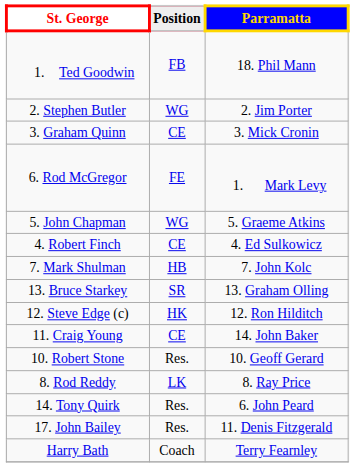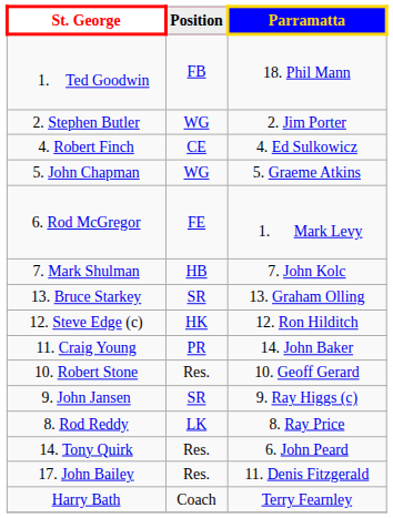 <table align="right" class="wikitable" style="font-size:90%; margin-left:1em">
 <tr bgcolor="#FF0033">
 <th style="width:140px; border:3px solid red; background: white; color: red">St. George</th>
 <th style="width:40px; text-align:center; background:#eee; color:black;">Position</th>
 <th style="width:140px; border:3px solid gold; background: blue; color: gold">Parramatta</th>
 </tr>
 <tr align=center>
 <td><br><ol><li><a href='#'>Ted Goodwin</a></li></ol></td>
 <td><a href='#'>FB</a></td>
 <td>18. <a href='#'>Phil Mann</a></td>
 </tr>
 <tr align=center>
 <td>2. <a href='#'>Stephen Butler</a></td>
 <td><a href='#'>WG</a></td>
 <td>2. <a href='#'>Jim Porter</a></td>
 </tr>
 <tr align=center>
-<td>3. <a href='#'>Graham Quinn</a></td>
+<td>4. <a href='#'>Robert Finch</a></td>
 <td><a href='#'>CE</a></td>
-<td>3. <a href='#'>Mick Cronin</a></td>
-</tr>
-<tr align=center>
-<td>6. <a href='#'>Rod McGregor</a></td>
-<td><a href='#'>FE</a></td>
-<td><br><ol><li><a href='#'>Mark Levy</a></li></ol></td>
+<td>4. <a href='#'>Ed Sulkowicz</a></td>
 </tr>
 <tr align=center>
 <td>5. <a href='#'>John Chapman</a></td>
 <td><a href='#'>WG</a></td>
 <td>5. <a href='#'>Graeme Atkins</a></td>
 </tr>
 <tr align=center>
-<td>4. <a href='#'>Robert Finch</a></td>
-<td><a href='#'>CE</a></td>
-<td>4. <a href='#'>Ed Sulkowicz</a></td>
+<td>6. <a href='#'>Rod McGregor</a></td>
+<td><a href='#'>FE</a></td>
+<td><br><ol><li><a href='#'>Mark Levy</a></li></ol></td>
 </tr>
 <tr align=center>
 <td>7. <a href='#'>Mark Shulman</a></td>
 <td><a href='#'>HB</a></td>
 <td>7. <a href='#'>John Kolc</a></td>
 </tr>
 <tr align=center>
 <td>13. <a href='#'>Bruce Starkey</a></td>
 <td><a href='#'>SR</a></td>
 <td>13. <a href='#'>Graham Olling</a></td>
 </tr>
 <tr align=center>
 <td>12. <a href='#'>Steve Edge</a> (c)</td>
 <td><a href='#'>HK</a></td>
 <td>12. <a href='#'>Ron Hilditch</a></td>
 </tr>
 <tr align=center>
 <td>11. <a href='#'>Craig Young</a></td>
-<td><a href='#'>CE</a></td>
+<td><a href='#'>PR</a></td>
 <td>14. <a href='#'>John Baker</a></td>
 </tr>
 <tr align=center>
 <td>10. <a href='#'>Robert Stone</a></td>
 <td>Res.</td>
 <td>10. <a href='#'>Geoff Gerard</a></td>
+</tr>
+<tr align=center>
+<td>9. <a href='#'>John Jansen</a></td>
+<td><a href='#'>SR</a></td>
+<td>9. <a href='#'>Ray Higgs (c)</a></td>
 </tr>
 <tr align=center>
 <td>8. <a href='#'>Rod Reddy</a></td>
 <td><a href='#'>LK</a></td>
 <td>8. <a href='#'>Ray Price</a></td>
 </tr>
 <tr align=center>
 <td>14. <a href='#'>Tony Quirk</a></td>
 <td>Res.</td>
 <td>6. <a href='#'>John Peard</a></td>
 </tr>
 <tr align=center>
 <td>17. <a href='#'>John Bailey</a></td>
 <td>Res.</td>
 <td>11. <a href='#'>Denis Fitzgerald</a></td>
 </tr>
 <tr align=center>
 <td><a href='#'>Harry Bath</a></td>
 <td>Coach</td>
 <td><a href='#'>Terry Fearnley</a></td>
 </tr>
 <tr>
 </tr>
 </table>
